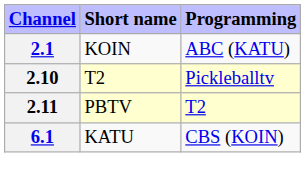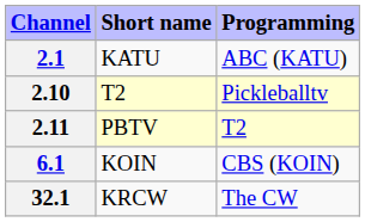 <table class="wikitable">
 <tr>
 <th style="background-color: #bdbdff" scope = "col"><a href='#'>Channel</a></th>
 <th style="background-color: #bdbdff" scope = "col">Short name</th>
 <th style="background-color: #bdbdff" scope = "col">Programming</th>
 </tr>
 <tr>
 <th scope = "row"><a href='#'>2.1</a></th>
-<td>KOIN</td>
+<td>KATU</td>
 <td><a href='#'>ABC</a> (<a href='#'>KATU</a>)</td>
 </tr>
 <tr>
 <th scope = "row">2.10</th>
 <td style="background-color:#ffffd0">T2</td>
 <td style="background-color:#ffffd0"><a href='#'>Pickleballtv</a></td>
 </tr>
 <tr>
 <th scope = "row">2.11</th>
 <td style="background-color:#ffffd0">PBTV</td>
 <td style="background-color:#ffffd0"><a href='#'>T2</a></td>
 </tr>
 <tr>
 <th scope = "row"><a href='#'>6.1</a></th>
-<td>KATU</td>
+<td>KOIN</td>
 <td><a href='#'>CBS</a> (<a href='#'>KOIN</a>)</td>
 </tr>
+<tr>
+<th scope = "row">32.1</th>
+<td>KRCW</td>
+<td><a href='#'>The CW</a></td>
+</tr>
 </table>
